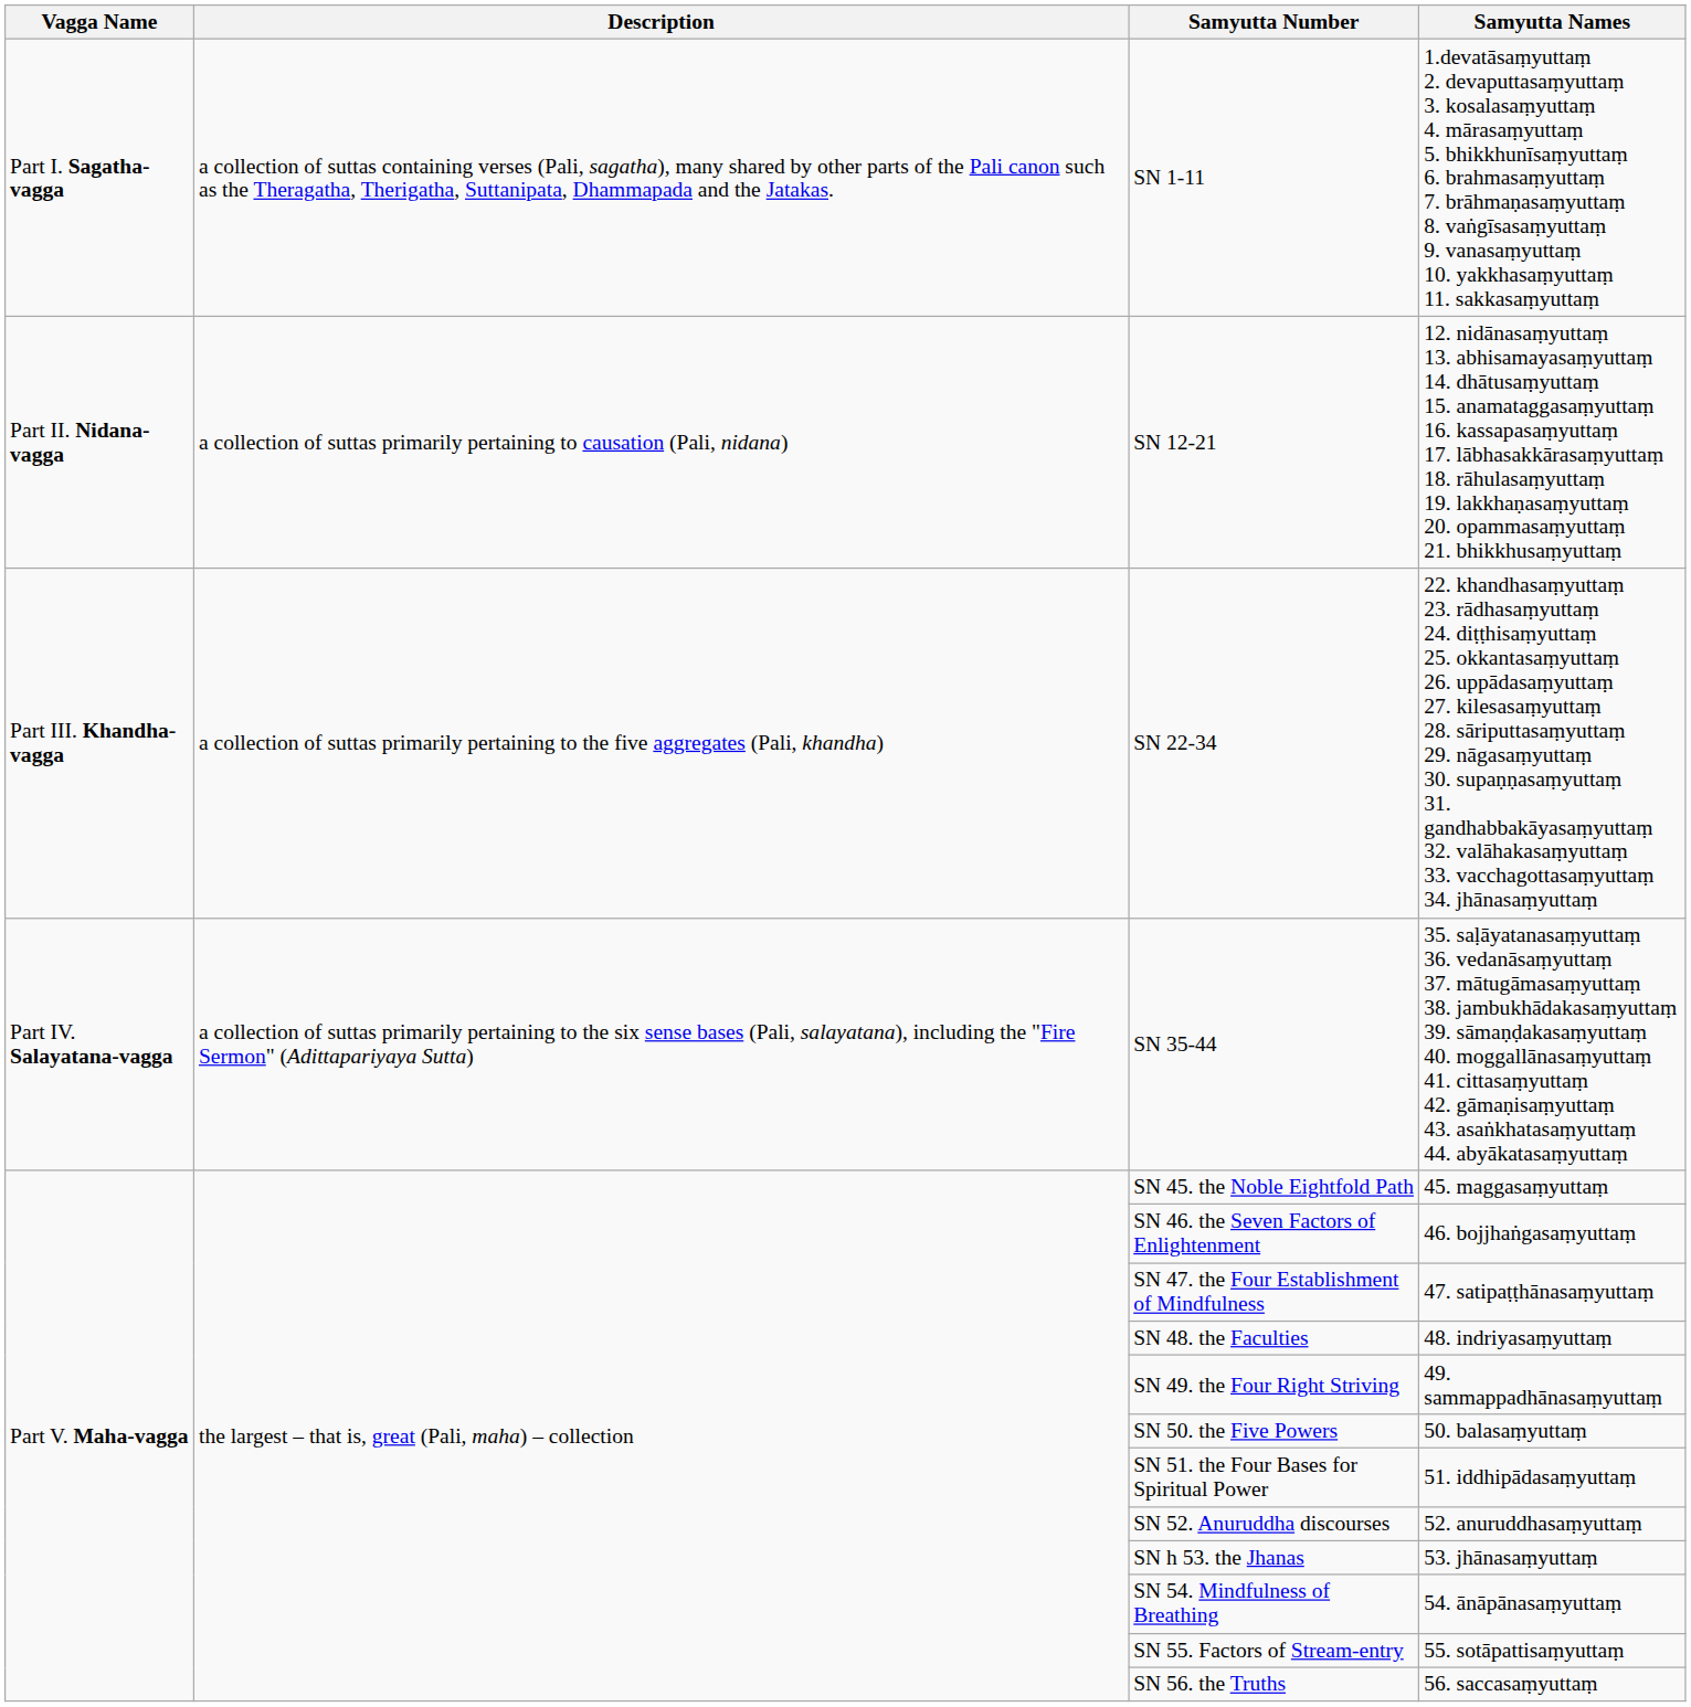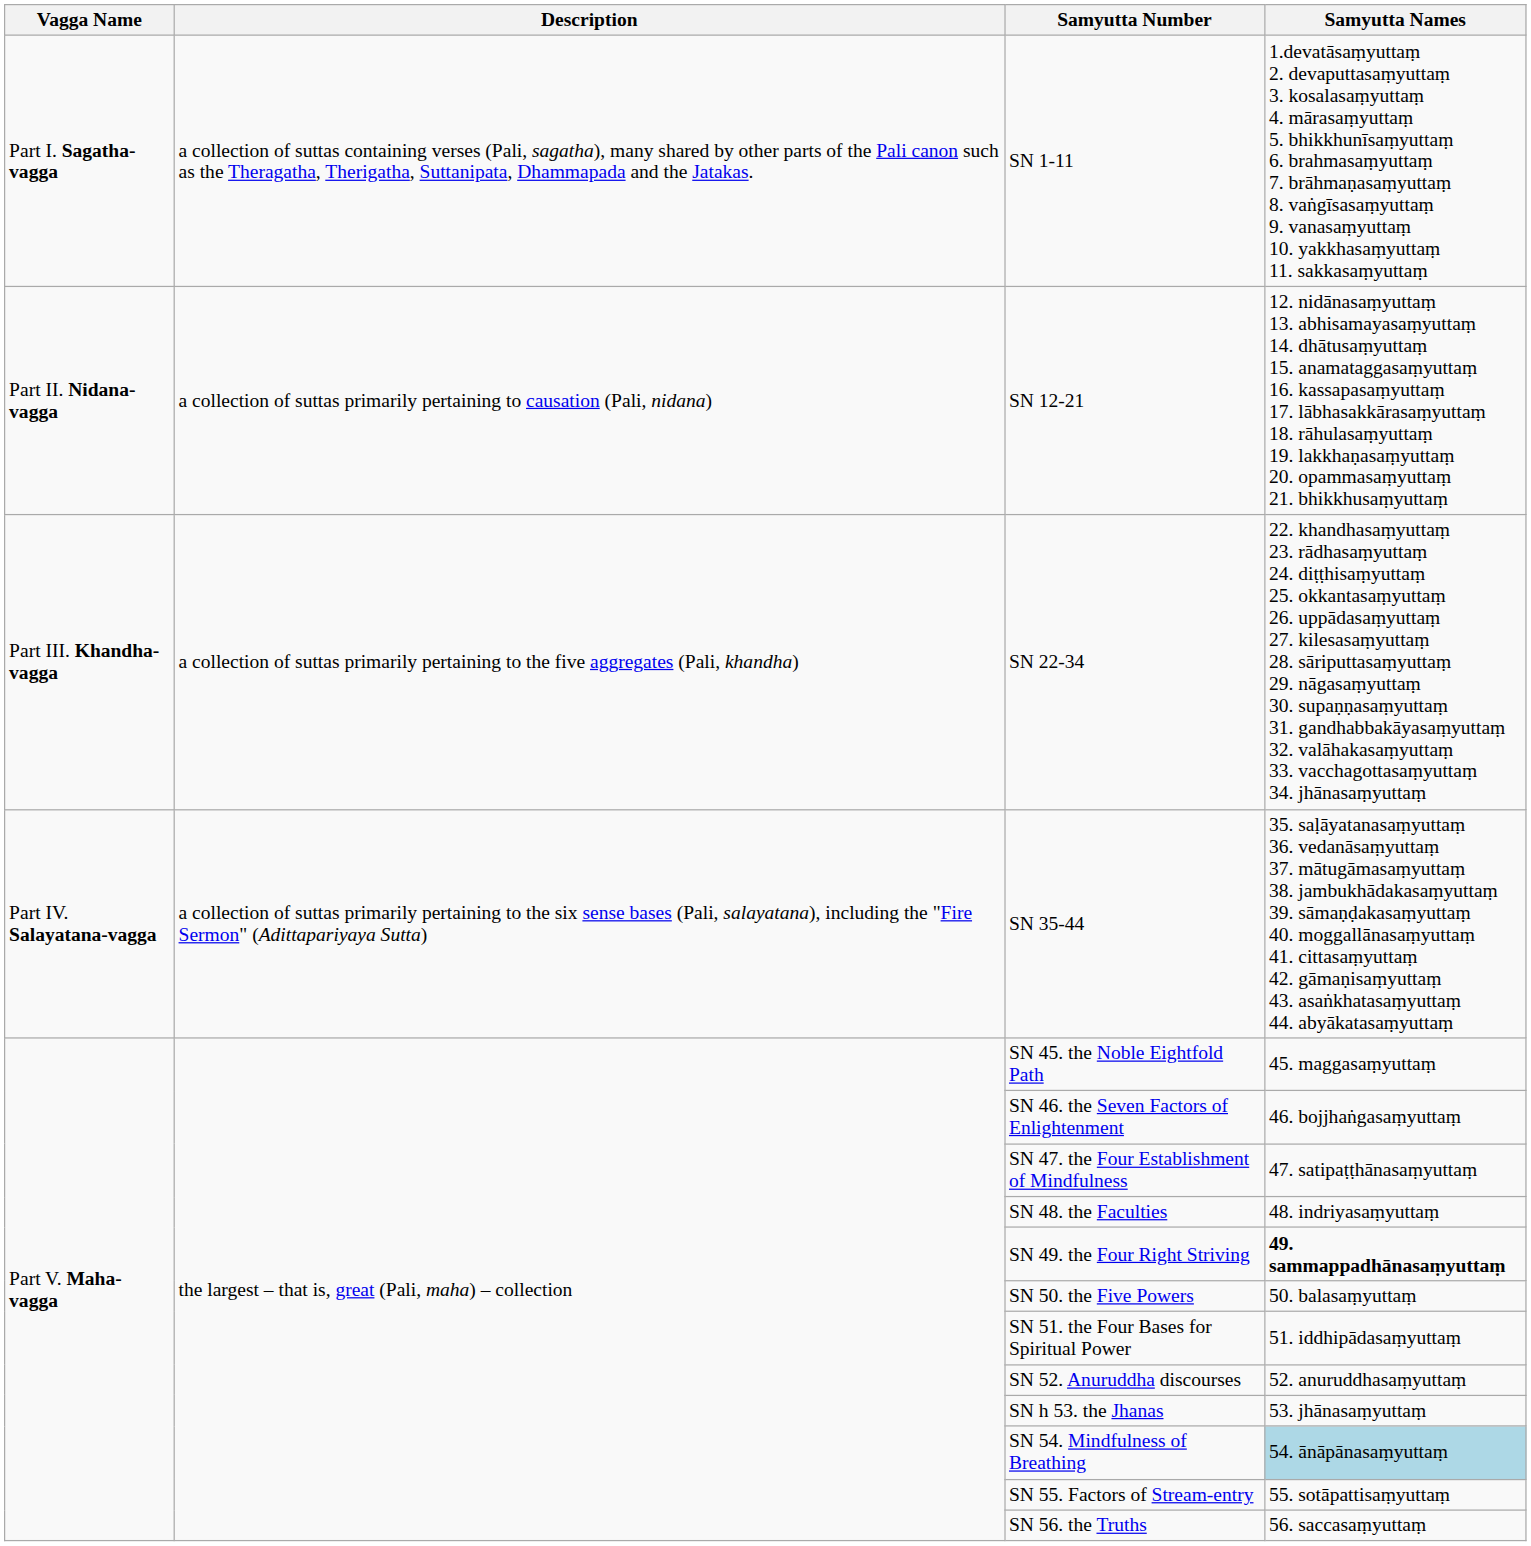 <table class="wikitable">
 <tr>
 <th>Vagga Name</th>
 <th>Description</th>
 <th>Samyutta Number</th>
 <th>Samyutta Names</th>
 </tr>
 <tr>
 <td>Part I. <strong>Sagatha-vagga</strong></td>
 <td>a collection of suttas containing verses (Pali, <em>sagatha</em>), many shared by other parts of the <a href='#'>Pali canon</a> such as the <a href='#'>Theragatha</a>, <a href='#'>Therigatha</a>, <a href='#'>Suttanipata</a>, <a href='#'>Dhammapada</a> and the <a href='#'>Jatakas</a>.</td>
 <td>SN 1-11</td>
 <td>1.devatāsaṃyuttaṃ<br>2. devaputtasaṃyuttaṃ<br>3. kosalasaṃyuttaṃ<br>4. mārasaṃyuttaṃ<br>5. bhikkhunīsaṃyuttaṃ<br>6. brahmasaṃyuttaṃ<br>7. brāhmaṇasaṃyuttaṃ<br>8. vaṅgīsasaṃyuttaṃ<br>9. vanasaṃyuttaṃ<br>10. yakkhasaṃyuttaṃ<br>11. sakkasaṃyuttaṃ</td>
 </tr>
 <tr>
 <td>Part II. <strong>Nidana-vagga</strong></td>
 <td>a collection of suttas primarily pertaining to <a href='#'>causation</a> (Pali, <em>nidana</em>)</td>
 <td>SN 12-21</td>
 <td>12. nidānasaṃyuttaṃ<br>13. abhisamayasaṃyuttaṃ<br>14. dhātusaṃyuttaṃ<br>15. anamataggasaṃyuttaṃ<br>16. kassapasaṃyuttaṃ<br>17. lābhasakkārasaṃyuttaṃ<br>18. rāhulasaṃyuttaṃ<br>19. lakkhaṇasaṃyuttaṃ<br>20. opammasaṃyuttaṃ<br>21. bhikkhusaṃyuttaṃ</td>
 </tr>
 <tr>
 <td>Part III. <strong>Khandha-vagga</strong></td>
 <td>a collection of suttas primarily pertaining to the five <a href='#'>aggregates</a> (Pali, <em>khandha</em>)</td>
 <td>SN 22-34</td>
 <td>22. khandhasaṃyuttaṃ<br>23. rādhasaṃyuttaṃ<br>24. diṭṭhisaṃyuttaṃ<br>25. okkantasaṃyuttaṃ<br>26. uppādasaṃyuttaṃ<br>27. kilesasaṃyuttaṃ<br>28. sāriputtasaṃyuttaṃ<br>29. nāgasaṃyuttaṃ<br>30. supaṇṇasaṃyuttaṃ<br>31. gandhabbakāyasaṃyuttaṃ<br>32. valāhakasaṃyuttaṃ<br>33. vacchagottasaṃyuttaṃ<br>34. jhānasaṃyuttaṃ</td>
 </tr>
 <tr>
 <td>Part IV. <strong>Salayatana-vagga</strong></td>
 <td>a collection of suttas primarily pertaining to the six <a href='#'>sense bases</a> (Pali, <em>salayatana</em>), including the "<a href='#'>Fire Sermon</a>" (<em>Adittapariyaya Sutta</em>)</td>
 <td>SN 35-44</td>
 <td>35. saḷāyatanasaṃyuttaṃ<br>36. vedanāsaṃyuttaṃ<br>37. mātugāmasaṃyuttaṃ<br>38. jambukhādakasaṃyuttaṃ<br>39. sāmaṇḍakasaṃyuttaṃ<br>40. moggallānasaṃyuttaṃ<br>41. cittasaṃyuttaṃ<br>42. gāmaṇisaṃyuttaṃ<br>43. asaṅkhatasaṃyuttaṃ<br>44. abyākatasaṃyuttaṃ</td>
 </tr>
 <tr>
 <td rowspan="12">Part V. <strong>Maha-vagga</strong></td>
 <td rowspan="12">the largest – that is, <a href='#'>great</a> (Pali, <em>maha</em>) – collection</td>
 <td>SN 45. the <a href='#'>Noble Eightfold Path</a></td>
 <td>45. maggasaṃyuttaṃ</td>
 </tr>
 <tr>
 <td>SN 46. the <a href='#'>Seven Factors of Enlightenment</a></td>
 <td>46. bojjhaṅgasaṃyuttaṃ</td>
 </tr>
 <tr>
 <td>SN 47. the <a href='#'>Four Establishment of Mindfulness</a></td>
 <td>47. satipaṭṭhānasaṃyuttaṃ</td>
 </tr>
 <tr>
 <td>SN 48. the <a href='#'>Faculties</a></td>
 <td>48. indriyasaṃyuttaṃ</td>
 </tr>
 <tr>
 <td>SN 49. the <a href='#'>Four Right Striving</a></td>
-<td>49. sammappadhānasaṃyuttaṃ</td>
+<td><strong>49. sammappadhānasaṃyuttaṃ</strong></td>
 </tr>
 <tr>
 <td>SN 50. the <a href='#'>Five Powers</a></td>
 <td>50. balasaṃyuttaṃ</td>
 </tr>
 <tr>
 <td>SN 51. the Four Bases for Spiritual Power</td>
 <td>51. iddhipādasaṃyuttaṃ</td>
 </tr>
 <tr>
 <td>SN 52. <a href='#'>Anuruddha</a> discourses</td>
 <td>52. anuruddhasaṃyuttaṃ</td>
 </tr>
 <tr>
 <td>SN h 53. the <a href='#'>Jhanas</a></td>
 <td>53. jhānasaṃyuttaṃ</td>
 </tr>
 <tr>
 <td>SN 54. <a href='#'>Mindfulness of Breathing</a></td>
-<td>54. ānāpānasaṃyuttaṃ</td>
+<td style="background: lightblue;">54. ānāpānasaṃyuttaṃ</td>
 </tr>
 <tr>
 <td>SN 55. Factors of <a href='#'>Stream-entry</a></td>
 <td>55. sotāpattisaṃyuttaṃ</td>
 </tr>
 <tr>
 <td>SN 56. the <a href='#'>Truths</a></td>
 <td>56. saccasaṃyuttaṃ</td>
 </tr>
 </table>
